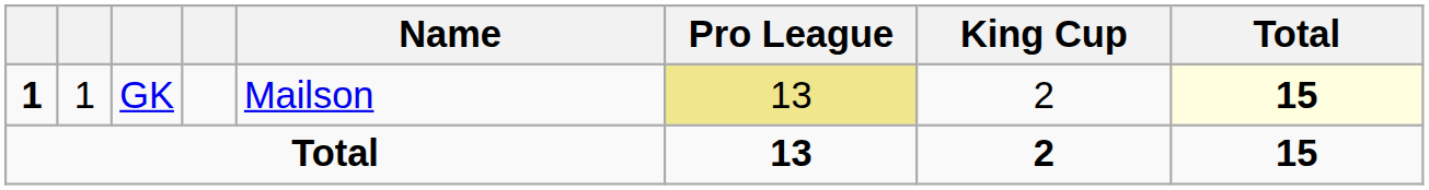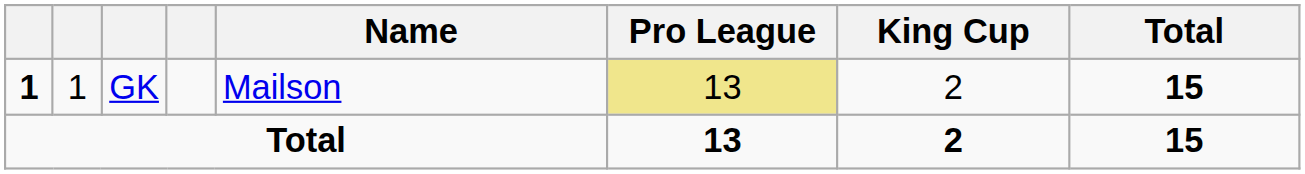 <table class="wikitable" style="text-align:center">
 <tr>
 <th width=15></th>
 <th width=15></th>
 <th width=15></th>
 <th width=15></th>
 <th width=175>Name</th>
 <th width=100>Pro League</th>
 <th width=100>King Cup</th>
 <th width=100>Total</th>
 </tr>
 <tr>
 <td><strong>1</strong></td>
 <td>1</td>
 <td><a href='#'>GK</a></td>
 <td></td>
 <td align=left><a href='#'>Mailson</a></td>
 <td style="background: khaki;">13</td>
 <td>2</td>
-<td style="background: lightyellow;"><strong>15</strong></td>
+<td><strong>15</strong></td>
 </tr>
 <tr>
 <td colspan=5><strong>Total</strong></td>
 <td><strong>13</strong></td>
 <td><strong>2</strong></td>
 <td><strong>15</strong></td>
 </tr>
 </table>
